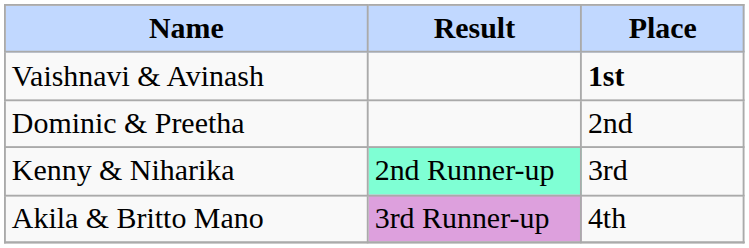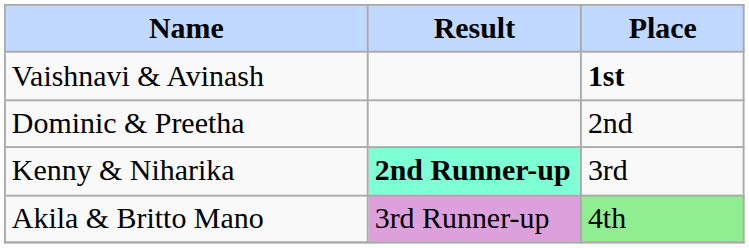 <table class="wikitable">
 <tr>
 <th style="width:140pt; background:#C1D8FF;">Name</th>
 <th style="width:80pt; background:#C1D8FF;">Result</th>
 <th style="width:60pt; background:#C1D8FF;">Place</th>
 </tr>
 <tr>
 <td>Vaishnavi & Avinash</td>
 <td></td>
 <td><strong>1st</strong></td>
 </tr>
 <tr>
 <td>Dominic & Preetha</td>
 <td></td>
 <td>2nd</td>
 </tr>
 <tr>
 <td>Kenny & Niharika</td>
-<td style="background:#7FFFD4;">2nd Runner-up</td>
+<td style="background:#7FFFD4;"><strong>2nd Runner-up</strong></td>
 <td>3rd</td>
 </tr>
 <tr>
 <td>Akila & Britto Mano</td>
 <td style="background:#DDA0DD;">3rd Runner-up</td>
-<td>4th</td>
+<td style="background: lightgreen;">4th</td>
 </tr>
 <tr>
 </tr>
 </table>
